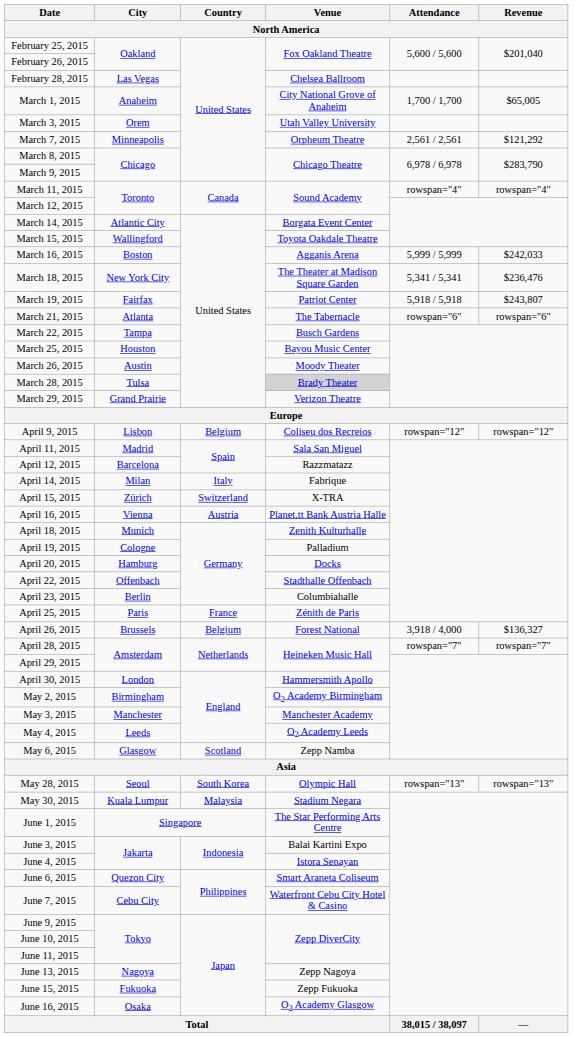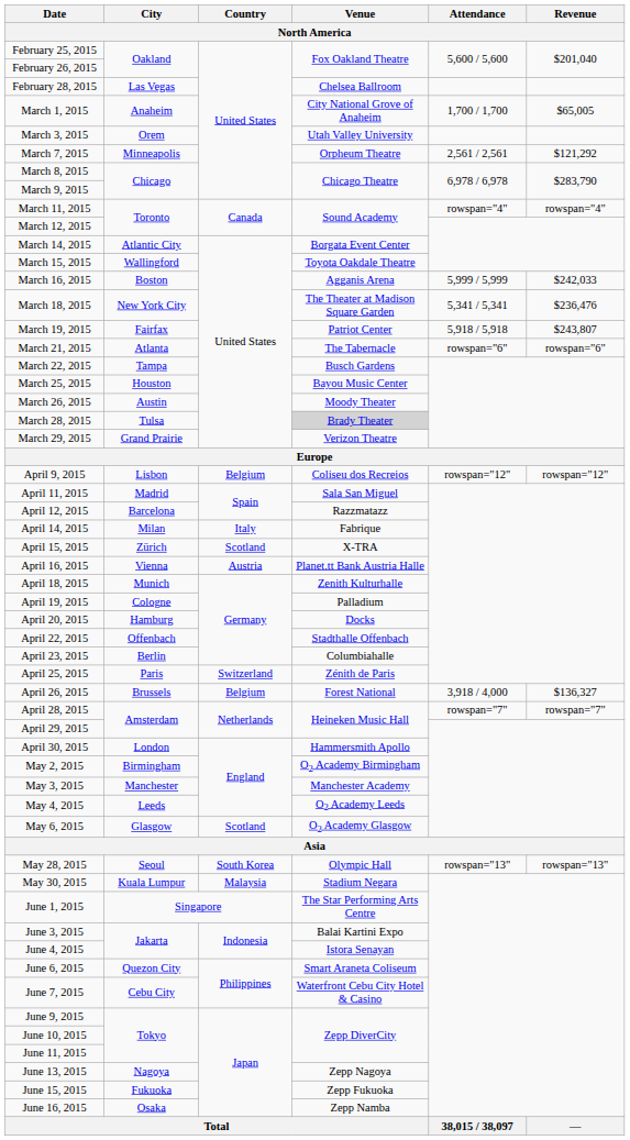 <table class="wikitable" style="text-align:center;">
 <tr>
 <th scope="col" style="width:12em;">Date</th>
 <th scope="col" style="width:10em;">City</th>
 <th scope="col" style="width:10em;">Country</th>
 <th scope="col" style="width:16em;">Venue</th>
 <th scope="col" style="width:10em;">Attendance</th>
 <th scope="col" style="width:10em;">Revenue</th>
 </tr>
 <tr>
 <th colspan="6" style="text-align:center;">North America</th>
 </tr>
 <tr>
 <td>February 25, 2015</td>
 <td rowspan="2"><a href='#'>Oakland</a></td>
 <td rowspan="8"><a href='#'>United States</a></td>
 <td rowspan="2"><a href='#'>Fox Oakland Theatre</a></td>
 <td rowspan="2">5,600 / 5,600</td>
 <td rowspan="2">$201,040</td>
 </tr>
 <tr>
 <td>February 26, 2015</td>
 </tr>
 <tr>
 <td>February 28, 2015</td>
 <td><a href='#'>Las Vegas</a></td>
 <td><a href='#'>Chelsea Ballroom</a></td>
 <td></td>
 <td></td>
 </tr>
 <tr>
 <td>March 1, 2015</td>
 <td><a href='#'>Anaheim</a></td>
 <td><a href='#'>City National Grove of Anaheim</a></td>
 <td>1,700 / 1,700</td>
 <td>$65,005</td>
 </tr>
 <tr>
 <td>March 3, 2015</td>
 <td><a href='#'>Orem</a></td>
 <td><a href='#'>Utah Valley University</a></td>
 <td></td>
 <td></td>
 </tr>
 <tr>
 <td>March 7, 2015</td>
 <td><a href='#'>Minneapolis</a></td>
 <td><a href='#'>Orpheum Theatre</a></td>
 <td>2,561 / 2,561</td>
 <td>$121,292</td>
 </tr>
 <tr>
 <td>March 8, 2015</td>
 <td rowspan="2"><a href='#'>Chicago</a></td>
 <td rowspan="2"><a href='#'>Chicago Theatre</a></td>
 <td rowspan="2">6,978 / 6,978</td>
 <td rowspan="2">$283,790</td>
 </tr>
 <tr>
 <td>March 9, 2015</td>
 </tr>
 <tr>
 <td>March 11, 2015</td>
 <td rowspan="2"><a href='#'>Toronto</a></td>
 <td rowspan="2"><a href='#'>Canada</a></td>
 <td rowspan="2"><a href='#'>Sound Academy</a></td>
 <td>rowspan="4" </td>
 <td>rowspan="4" </td>
 </tr>
 <tr>
 <td>March 12, 2015</td>
 </tr>
 <tr>
 <td>March 14, 2015</td>
 <td><a href='#'>Atlantic City</a></td>
 <td rowspan="11">United States</td>
 <td><a href='#'>Borgata Event Center</a></td>
 </tr>
 <tr>
 <td>March 15, 2015</td>
 <td><a href='#'>Wallingford</a></td>
 <td><a href='#'>Toyota Oakdale Theatre</a></td>
 </tr>
 <tr>
 <td>March 16, 2015</td>
 <td><a href='#'>Boston</a></td>
 <td><a href='#'>Agganis Arena</a></td>
 <td>5,999 / 5,999</td>
 <td>$242,033</td>
 </tr>
 <tr>
 <td>March 18, 2015</td>
 <td><a href='#'>New York City</a></td>
 <td><a href='#'>The Theater at Madison Square Garden</a></td>
 <td>5,341 / 5,341</td>
 <td>$236,476</td>
 </tr>
 <tr>
 <td>March 19, 2015</td>
 <td><a href='#'>Fairfax</a></td>
 <td><a href='#'>Patriot Center</a></td>
 <td>5,918 / 5,918</td>
 <td>$243,807</td>
 </tr>
 <tr>
 <td>March 21, 2015</td>
 <td><a href='#'>Atlanta</a></td>
 <td><a href='#'>The Tabernacle</a></td>
 <td>rowspan="6" </td>
 <td>rowspan="6" </td>
 </tr>
 <tr>
 <td>March 22, 2015</td>
 <td><a href='#'>Tampa</a></td>
 <td><a href='#'>Busch Gardens</a></td>
 </tr>
 <tr>
 <td>March 25, 2015</td>
 <td><a href='#'>Houston</a></td>
 <td><a href='#'>Bayou Music Center</a></td>
 </tr>
 <tr>
 <td>March 26, 2015</td>
 <td><a href='#'>Austin</a></td>
 <td><a href='#'>Moody Theater</a></td>
 </tr>
 <tr>
 <td>March 28, 2015</td>
 <td><a href='#'>Tulsa</a></td>
 <td style="background: lightgrey;"><a href='#'>Brady Theater</a></td>
 </tr>
 <tr>
 <td>March 29, 2015</td>
 <td><a href='#'>Grand Prairie</a></td>
 <td><a href='#'>Verizon Theatre</a></td>
 </tr>
 <tr>
 <th colspan="6" style="text-align:center;">Europe</th>
 </tr>
 <tr>
 <td>April 9, 2015</td>
 <td><a href='#'>Lisbon</a></td>
 <td><a href='#'>Belgium</a></td>
 <td><a href='#'>Coliseu dos Recreios</a></td>
 <td>rowspan="12" </td>
 <td>rowspan="12" </td>
 </tr>
 <tr>
 <td>April 11, 2015</td>
 <td><a href='#'>Madrid</a></td>
 <td rowspan="2"><a href='#'>Spain</a></td>
 <td><a href='#'>Sala San Miguel</a></td>
 </tr>
 <tr>
 <td>April 12, 2015</td>
 <td><a href='#'>Barcelona</a></td>
 <td>Razzmatazz</td>
 </tr>
 <tr>
 <td>April 14, 2015</td>
 <td><a href='#'>Milan</a></td>
 <td><a href='#'>Italy</a></td>
 <td>Fabrique</td>
 </tr>
 <tr>
 <td>April 15, 2015</td>
 <td><a href='#'>Zürich</a></td>
-<td><a href='#'>Switzerland</a></td>
+<td><a href='#'>Scotland</a></td>
 <td>X-TRA</td>
 </tr>
 <tr>
 <td>April 16, 2015</td>
 <td><a href='#'>Vienna</a></td>
 <td><a href='#'>Austria</a></td>
 <td><a href='#'>Planet.tt Bank Austria Halle</a></td>
 </tr>
 <tr>
 <td>April 18, 2015</td>
 <td><a href='#'>Munich</a></td>
 <td rowspan="5"><a href='#'>Germany</a></td>
 <td><a href='#'>Zenith Kulturhalle</a></td>
 </tr>
 <tr>
 <td>April 19, 2015</td>
 <td><a href='#'>Cologne</a></td>
 <td>Palladium</td>
 </tr>
 <tr>
 <td>April 20, 2015</td>
 <td><a href='#'>Hamburg</a></td>
 <td><a href='#'>Docks</a></td>
 </tr>
 <tr>
 <td>April 22, 2015</td>
 <td><a href='#'>Offenbach</a></td>
 <td><a href='#'>Stadthalle Offenbach</a></td>
 </tr>
 <tr>
 <td>April 23, 2015</td>
 <td><a href='#'>Berlin</a></td>
 <td>Columbiahalle</td>
 </tr>
 <tr>
 <td>April 25, 2015</td>
 <td><a href='#'>Paris</a></td>
-<td><a href='#'>France</a></td>
+<td><a href='#'>Switzerland</a></td>
 <td><a href='#'>Zénith de Paris</a></td>
 </tr>
 <tr>
 <td>April 26, 2015</td>
 <td><a href='#'>Brussels</a></td>
 <td><a href='#'>Belgium</a></td>
 <td><a href='#'>Forest National</a></td>
 <td>3,918 / 4,000</td>
 <td>$136,327</td>
 </tr>
 <tr>
 <td>April 28, 2015</td>
 <td rowspan="2"><a href='#'>Amsterdam</a></td>
 <td rowspan="2"><a href='#'>Netherlands</a></td>
 <td rowspan="2"><a href='#'>Heineken Music Hall</a></td>
 <td>rowspan="7" </td>
 <td>rowspan="7" </td>
 </tr>
 <tr>
 <td>April 29, 2015</td>
 </tr>
 <tr>
 <td>April 30, 2015</td>
 <td><a href='#'>London</a></td>
 <td rowspan="4"><a href='#'>England</a></td>
 <td><a href='#'>Hammersmith Apollo</a></td>
 </tr>
 <tr>
 <td>May 2, 2015</td>
 <td><a href='#'>Birmingham</a></td>
 <td><a href='#'>O<sub>2</sub> Academy Birmingham</a></td>
 </tr>
 <tr>
 <td>May 3, 2015</td>
 <td><a href='#'>Manchester</a></td>
 <td><a href='#'>Manchester Academy</a></td>
 </tr>
 <tr>
 <td>May 4, 2015</td>
 <td><a href='#'>Leeds</a></td>
 <td><a href='#'>O<sub>2</sub> Academy Leeds</a></td>
 </tr>
 <tr>
 <td>May 6, 2015</td>
 <td><a href='#'>Glasgow</a></td>
 <td><a href='#'>Scotland</a></td>
-<td>Zepp Namba</td>
+<td><a href='#'>O<sub>2</sub> Academy Glasgow</a></td>
 </tr>
 <tr>
 <th colspan="6" style="text-align:center;">Asia</th>
 </tr>
 <tr>
 <td>May 28, 2015</td>
 <td><a href='#'>Seoul</a></td>
 <td><a href='#'>South Korea</a></td>
 <td><a href='#'>Olympic Hall</a></td>
 <td>rowspan="13" </td>
 <td>rowspan="13" </td>
 </tr>
 <tr>
 <td>May 30, 2015</td>
 <td><a href='#'>Kuala Lumpur</a></td>
 <td><a href='#'>Malaysia</a></td>
 <td><a href='#'>Stadium Negara</a></td>
 </tr>
 <tr>
 <td>June 1, 2015</td>
 <td colspan="2"><a href='#'>Singapore</a></td>
 <td><a href='#'>The Star Performing Arts Centre</a></td>
 </tr>
 <tr>
 <td>June 3, 2015</td>
 <td rowspan="2"><a href='#'>Jakarta</a></td>
 <td rowspan="2"><a href='#'>Indonesia</a></td>
 <td>Balai Kartini Expo</td>
 </tr>
 <tr>
 <td>June 4, 2015</td>
 <td><a href='#'>Istora Senayan</a></td>
 </tr>
 <tr>
 <td>June 6, 2015</td>
 <td><a href='#'>Quezon City</a></td>
 <td rowspan="2"><a href='#'>Philippines</a></td>
 <td><a href='#'>Smart Araneta Coliseum</a></td>
 </tr>
 <tr>
 <td>June 7, 2015</td>
 <td><a href='#'>Cebu City</a></td>
 <td><a href='#'>Waterfront Cebu City Hotel & Casino</a></td>
 </tr>
 <tr>
 <td>June 9, 2015</td>
 <td rowspan="3"><a href='#'>Tokyo</a></td>
 <td rowspan="6"><a href='#'>Japan</a></td>
 <td rowspan="3"><a href='#'>Zepp DiverCity</a></td>
 </tr>
 <tr>
 <td>June 10, 2015</td>
 </tr>
 <tr>
 <td>June 11, 2015</td>
 </tr>
 <tr>
 <td>June 13, 2015</td>
 <td><a href='#'>Nagoya</a></td>
 <td>Zepp Nagoya</td>
 </tr>
 <tr>
 <td>June 15, 2015</td>
 <td><a href='#'>Fukuoka</a></td>
 <td>Zepp Fukuoka</td>
 </tr>
 <tr>
 <td>June 16, 2015</td>
 <td><a href='#'>Osaka</a></td>
-<td><a href='#'>O<sub>2</sub> Academy Glasgow</a></td>
+<td>Zepp Namba</td>
 </tr>
 <tr>
 <th colspan="4" style="text-align:center;">Total</th>
 <th>38,015 / 38,097</th>
 <th>—</th>
 </tr>
 </table>
